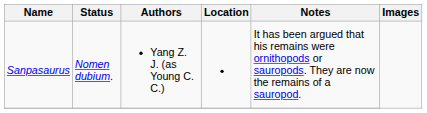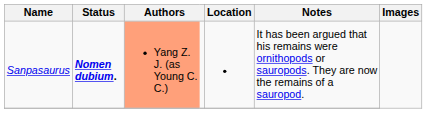 <table class="wikitable sortable" align="center" width="100%">
 <tr>
 <th>Name</th>
 <th>Status</th>
 <th colspan="2">Authors</th>
 <th>Location</th>
 <th class="unsortable">Notes</th>
 <th class="unsortable">Images</th>
 </tr>
 <tr>
 <td><br><em><a href='#'>Sanpasaurus</a></em></td>
-<td><br><em><a href='#'>Nomen dubium</a></em>.</td>
-<td style="border-right:0px" valign="top"><br><ul><li>Yang Z. J. (as Young C. C.)</li></ul></td>
+<td><strong><br><em><a href='#'>Nomen dubium</a></em>.</strong></td>
+<td style="background: lightsalmon; border-right:0px" valign="top"><br><ul><li>Yang Z. J. (as Young C. C.)</li></ul></td>
 <td style="border-left:0px" valign="top"></td>
 <td><br><ul><li></li></ul></td>
 <td>It has been argued that his remains were <a href='#'>ornithopods</a> or <a href='#'>sauropods</a>. They are now the remains of a <a href='#'>sauropod</a>.</td>
 </tr>
 <tr>
 </tr>
 </table>
